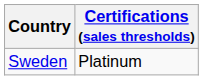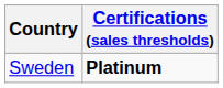 <table class="wikitable">
 <tr>
 <th>Country</th>
 <th><a href='#'>Certifications</a><br><small>(<a href='#'>sales thresholds</a>)</small></th>
 </tr>
 <tr>
 <td><a href='#'>Sweden</a></td>
-<td>Platinum</td>
+<td><strong>Platinum</strong></td>
 </tr>
 </table>
